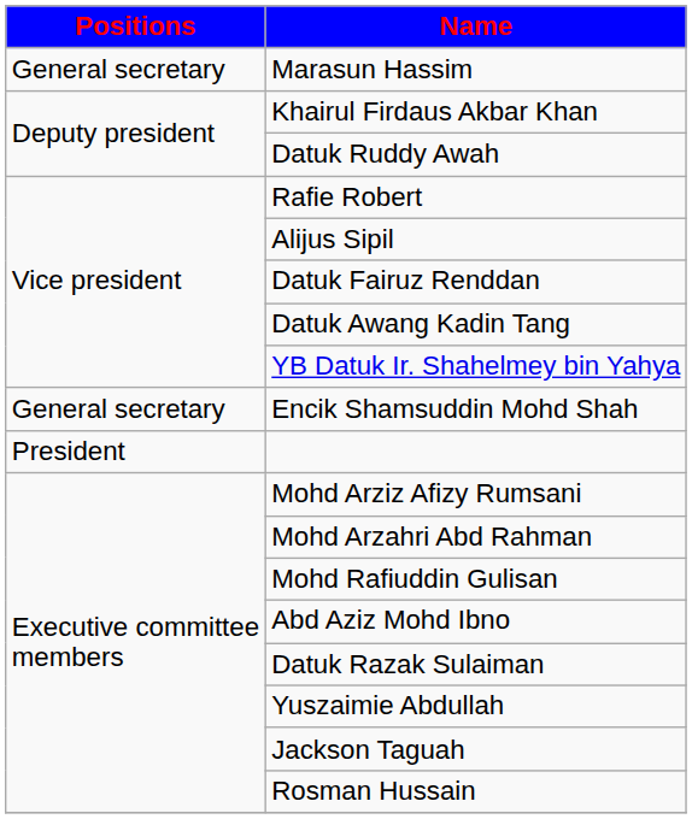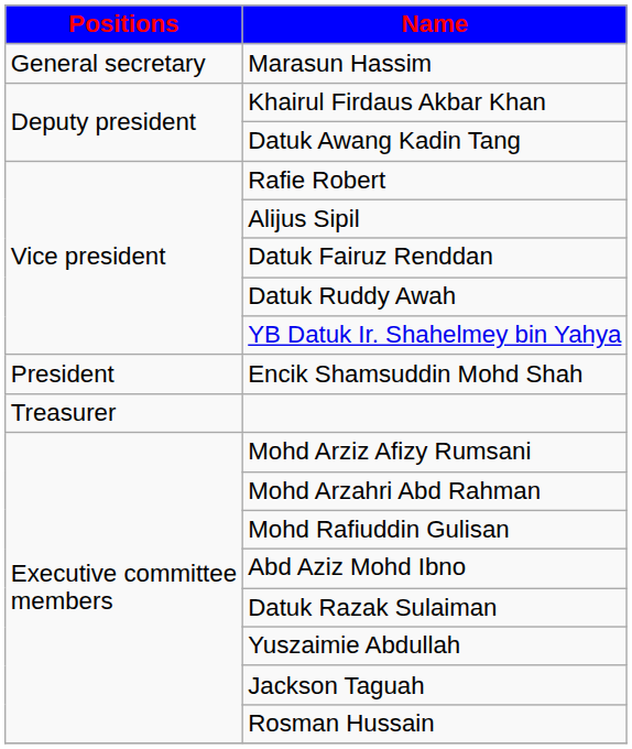 <table class="wikitable">
 <tr>
 <th style="background:Blue; color:Red;">Positions</th>
 <th style="background:Blue; color:Red;">Name</th>
 </tr>
 <tr>
 <td>General secretary</td>
 <td> Marasun Hassim</td>
 </tr>
 <tr>
 <td rowspan=2>Deputy president</td>
 <td> Khairul Firdaus Akbar Khan</td>
 </tr>
 <tr>
-<td> Datuk Ruddy Awah</td>
+<td> Datuk Awang Kadin Tang</td>
 </tr>
 <tr>
 <td rowspan=5>Vice president</td>
 <td> Rafie Robert</td>
 </tr>
 <tr>
 <td> Alijus Sipil</td>
 </tr>
 <tr>
 <td> Datuk Fairuz Renddan</td>
 </tr>
 <tr>
-<td> Datuk Awang Kadin Tang</td>
+<td> Datuk Ruddy Awah</td>
 </tr>
 <tr>
 <td> <a href='#'>YB Datuk Ir. Shahelmey bin Yahya</a></td>
 </tr>
 <tr>
-<td>General secretary</td>
+<td>President</td>
 <td> Encik Shamsuddin Mohd Shah</td>
 </tr>
 <tr>
-<td>President</td>
+<td>Treasurer</td>
 <td></td>
 </tr>
 <tr>
 <td rowspan=8>Executive committee <br>members</td>
 <td> Mohd Arziz Afizy Rumsani</td>
 </tr>
 <tr>
 <td> Mohd Arzahri Abd Rahman</td>
 </tr>
 <tr>
 <td> Mohd Rafiuddin Gulisan</td>
 </tr>
 <tr>
 <td> Abd Aziz Mohd Ibno</td>
 </tr>
 <tr>
 <td> Datuk Razak Sulaiman</td>
 </tr>
 <tr>
 <td> Yuszaimie Abdullah</td>
 </tr>
 <tr>
 <td> Jackson Taguah</td>
 </tr>
 <tr>
 <td> Rosman Hussain</td>
 </tr>
 <tr>
 </tr>
 </table>
